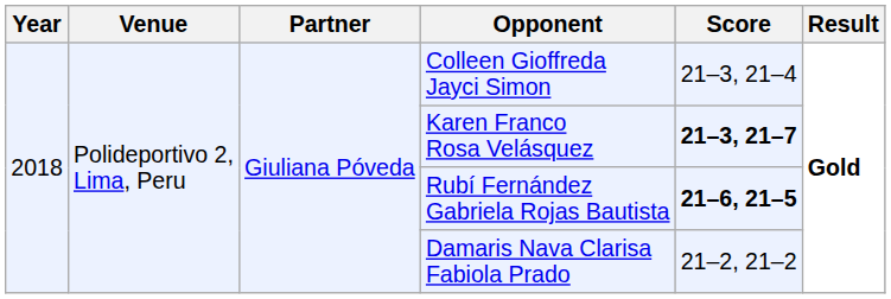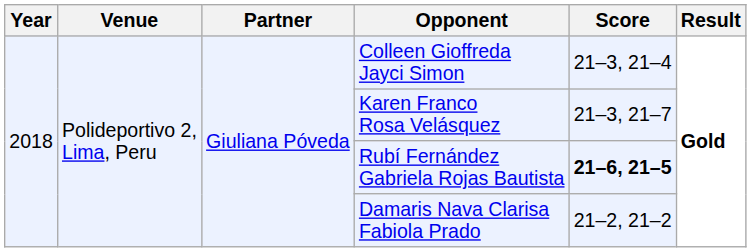 <table class="sortable wikitable" style="font-size: 90%;">
 <tr>
 <th>Year</th>
 <th>Venue</th>
 <th>Partner</th>
 <th>Opponent</th>
 <th>Score</th>
 <th>Result</th>
 </tr>
 <tr style="background:#ECF2FF">
 <td rowspan="4" align="center">2018</td>
 <td rowspan="4" align="left">Polideportivo 2,<br><a href='#'>Lima</a>, Peru</td>
 <td rowspan="4"> <a href='#'>Giuliana Póveda</a></td>
 <td align="left"> <a href='#'>Colleen Gioffreda</a><br> <a href='#'>Jayci Simon</a></td>
 <td align="left">21–3, 21–4</td>
 <td rowspan="4" style="text-align:left; background:white"> <strong>Gold</strong></td>
 </tr>
 <tr style="background:#ECF2FF">
 <td align="left"> <a href='#'>Karen Franco</a><br> <a href='#'>Rosa Velásquez</a></td>
-<td align="left"><strong>21–3, 21–7</strong></td>
+<td align="left">21–3, 21–7</td>
 </tr>
 <tr style="background:#ECF2FF">
 <td align="left"> <a href='#'>Rubí Fernández</a><br> <a href='#'>Gabriela Rojas Bautista</a></td>
 <td align="left"><strong>21–6, 21–5</strong></td>
 </tr>
 <tr style="background:#ECF2FF">
 <td align="left"> <a href='#'>Damaris Nava Clarisa</a><br> <a href='#'>Fabiola Prado</a></td>
 <td align="left">21–2, 21–2</td>
 </tr>
 </table>
